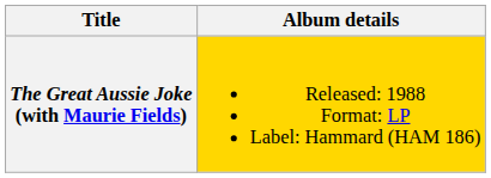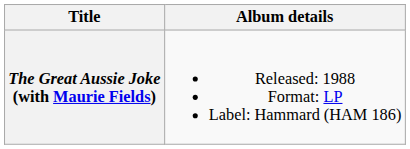 <table class="wikitable plainrowheaders" style="text-align:center;" border="1">
 <tr>
 <th>Title</th>
 <th>Album details</th>
 </tr>
 <tr>
 <th scope="row"><em>The Great Aussie Joke</em><br>(with <a href='#'>Maurie Fields</a>)</th>
-<td style="background: gold;"><br><ul><li>Released: 1988</li><li>Format: <a href='#'>LP</a></li><li>Label: Hammard (HAM 186)</li></ul></td>
+<td><br><ul><li>Released: 1988</li><li>Format: <a href='#'>LP</a></li><li>Label: Hammard (HAM 186)</li></ul></td>
 </tr>
 </table>
